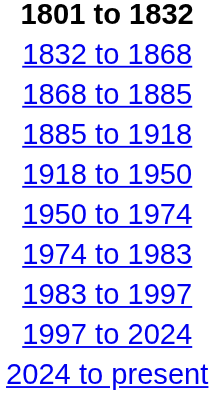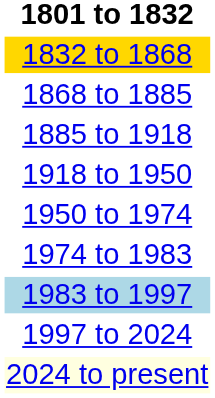 <table id=toc style="float:right; margin-left:1em">
 <tr>
 <td style="text-align:center"><strong>1801 to 1832</strong></td>
 </tr>
 <tr>
-<td style="text-align:center"><a href='#'>1832 to 1868</a></td>
+<td style="background: gold; text-align:center"><a href='#'>1832 to 1868</a></td>
 </tr>
 <tr>
 <td style="text-align:center"><a href='#'>1868 to 1885</a></td>
 </tr>
 <tr>
 <td style="text-align:center"><a href='#'>1885 to 1918</a></td>
 </tr>
 <tr>
 <td style="text-align:center"><a href='#'>1918 to 1950</a></td>
 </tr>
 <tr>
 <td style="text-align:center"><a href='#'>1950 to 1974</a></td>
 </tr>
 <tr>
 <td style="text-align:center"><a href='#'>1974 to 1983</a></td>
 </tr>
 <tr>
-<td style="text-align:center"><a href='#'>1983 to 1997</a></td>
+<td style="background: lightblue; text-align:center"><a href='#'>1983 to 1997</a></td>
 </tr>
 <tr>
 <td style="text-align:center;"><a href='#'>1997 to 2024</a></td>
 </tr>
 <tr>
-<td style="text-align:center"><a href='#'>2024 to present</a></td>
+<td style="background: lightyellow; text-align:center"><a href='#'>2024 to present</a></td>
 </tr>
 </table>
